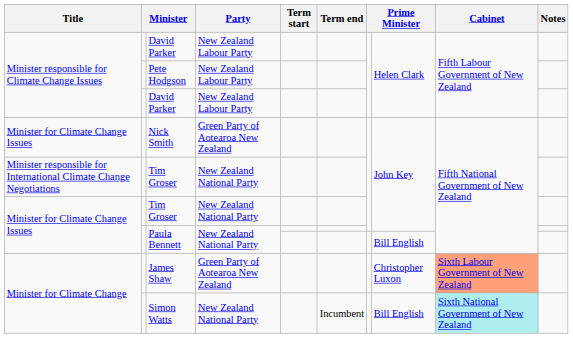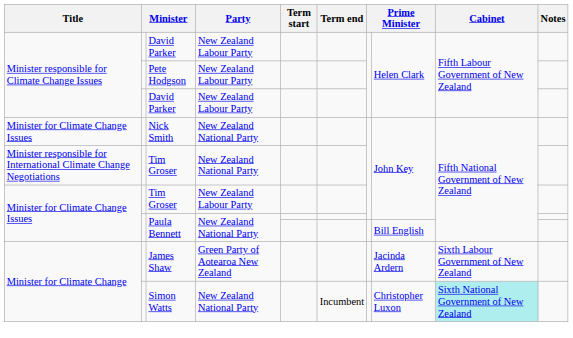 <table class="wikitable sortable">
 <tr>
 <th>Title</th>
 <th colspan=2><a href='#'>Minister</a></th>
 <th><a href='#'>Party</a></th>
 <th>Term start</th>
 <th>Term end</th>
 <th colspan=2><a href='#'>Prime Minister</a></th>
 <th><a href='#'>Cabinet</a></th>
 <th class="unsortable">Notes</th>
 </tr>
 <tr>
 <td rowspan=3><a href='#'>Minister responsible for Climate Change Issues</a></td>
 <td style="color:inherit;background:"></td>
 <td><a href='#'>David Parker</a></td>
 <td><a href='#'>New Zealand Labour Party</a></td>
 <td></td>
 <td></td>
 <td rowspan=3 bgcolor=></td>
 <td rowspan=3><a href='#'>Helen Clark</a></td>
 <td rowspan=3><a href='#'>Fifth Labour Government of New Zealand</a></td>
 <td></td>
 </tr>
 <tr>
 <td style="color:inherit;background:"></td>
 <td><a href='#'>Pete Hodgson</a></td>
 <td><a href='#'>New Zealand Labour Party</a></td>
 <td></td>
 <td></td>
 <td></td>
 </tr>
 <tr>
 <td style="color:inherit;background:"></td>
 <td><a href='#'>David Parker</a></td>
 <td><a href='#'>New Zealand Labour Party</a></td>
 <td></td>
 <td></td>
 <td></td>
 </tr>
 <tr>
 <td><a href='#'>Minister for Climate Change Issues</a></td>
 <td style="color:inherit;background:"></td>
 <td><a href='#'>Nick Smith</a></td>
-<td><a href='#'>Green Party of Aotearoa New Zealand</a></td>
+<td><a href='#'>New Zealand National Party</a></td>
 <td></td>
 <td></td>
 <td rowspan=4 bgcolor=></td>
 <td rowspan=4><a href='#'>John Key</a></td>
 <td rowspan=5><a href='#'>Fifth National Government of New Zealand</a></td>
 <td></td>
 </tr>
 <tr>
 <td><a href='#'>Minister responsible for International Climate Change Negotiations</a></td>
 <td style="color:inherit;background:"></td>
 <td><a href='#'>Tim Groser</a></td>
 <td><a href='#'>New Zealand National Party</a></td>
 <td></td>
 <td></td>
 <td></td>
 </tr>
 <tr>
 <td rowspan=3><a href='#'>Minister for Climate Change Issues</a></td>
 <td style="color:inherit;background:"></td>
 <td><a href='#'>Tim Groser</a></td>
-<td><a href='#'>New Zealand National Party</a></td>
+<td><a href='#'>New Zealand Labour Party</a></td>
 <td></td>
 <td></td>
 <td></td>
 </tr>
 <tr>
 <td rowspan=2 bgcolor=></td>
 <td rowspan=2><a href='#'>Paula Bennett</a></td>
 <td rowspan=2><a href='#'>New Zealand National Party</a></td>
 <td></td>
 <td></td>
 <td></td>
 </tr>
 <tr>
 <td></td>
 <td></td>
 <td style="color:inherit;background:"></td>
 <td><a href='#'>Bill English</a></td>
 <td></td>
 </tr>
 <tr>
 <td rowspan=2><a href='#'>Minister for Climate Change</a></td>
 <td style="color:inherit;background:"></td>
 <td><a href='#'>James Shaw</a></td>
 <td><a href='#'>Green Party of Aotearoa New Zealand</a></td>
 <td></td>
 <td></td>
 <td style="color:inherit;background:"></td>
-<td><a href='#'>Christopher Luxon</a></td>
-<td style="background: lightsalmon;"><a href='#'>Sixth Labour Government of New Zealand</a></td>
+<td><a href='#'>Jacinda Ardern</a></td>
+<td><a href='#'>Sixth Labour Government of New Zealand</a></td>
 <td></td>
 </tr>
 <tr>
 <td style="color:inherit;background:"></td>
 <td><a href='#'>Simon Watts</a></td>
 <td><a href='#'>New Zealand National Party</a></td>
 <td></td>
 <td>Incumbent</td>
 <td style="color:inherit;background:"></td>
-<td><a href='#'>Bill English</a></td>
+<td><a href='#'>Christopher Luxon</a></td>
 <td style="background: paleturquoise;"><a href='#'>Sixth National Government of New Zealand</a></td>
 <td></td>
 </tr>
 </table>
